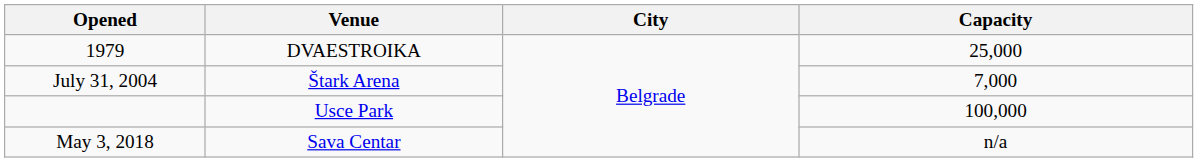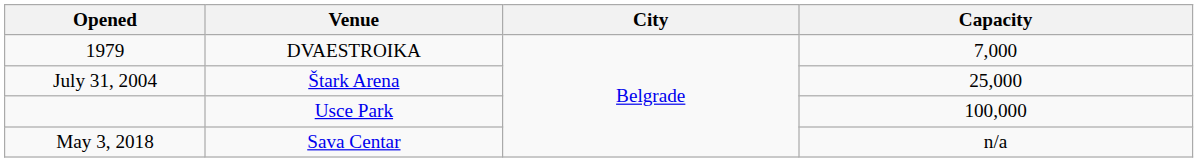 <table class="sortable wikitable" style="text-align:center;">
 <tr>
 <th scope="col" style="width:10em;">Opened</th>
 <th scope="col" style="width:15em;">Venue</th>
 <th scope="col" style="width:15em;">City</th>
 <th scope="col" style="width:20em;">Capacity</th>
 </tr>
 <tr>
 <td>1979</td>
 <td>DVAESTROIKA</td>
 <td rowspan="4"><a href='#'>Belgrade</a></td>
-<td>25,000</td>
+<td>7,000</td>
 </tr>
 <tr>
 <td>July 31, 2004</td>
 <td><a href='#'>Štark Arena</a></td>
-<td>7,000</td>
+<td>25,000</td>
 </tr>
 <tr>
 <td></td>
 <td><a href='#'>Usce Park</a></td>
 <td>100,000</td>
 </tr>
 <tr>
 <td>May 3, 2018</td>
 <td><a href='#'>Sava Centar</a></td>
 <td>n/a</td>
 </tr>
 </table>
